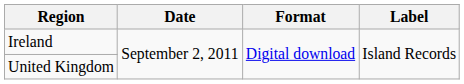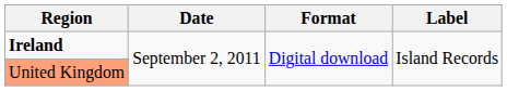 <table class="wikitable">
 <tr>
 <th scope="col">Region</th>
 <th scope="col">Date</th>
 <th scope="col">Format</th>
 <th scope="col">Label</th>
 </tr>
 <tr>
-<td>Ireland</td>
+<td><strong>Ireland</strong></td>
 <td rowspan="2">September 2, 2011</td>
 <td rowspan="2"><a href='#'>Digital download</a></td>
 <td rowspan="2">Island Records</td>
 </tr>
 <tr>
-<td>United Kingdom</td>
+<td style="background: lightsalmon;">United Kingdom</td>
 </tr>
 </table>
